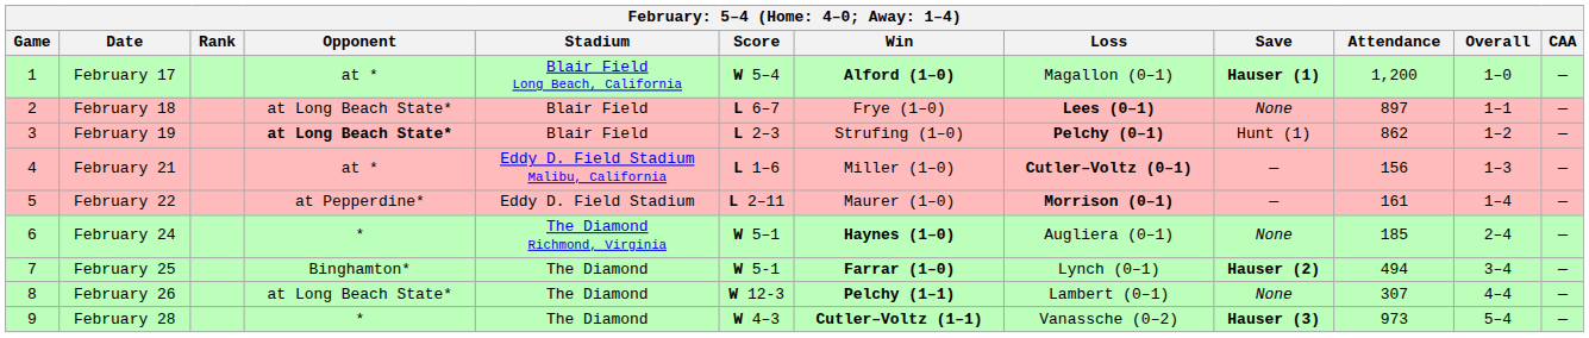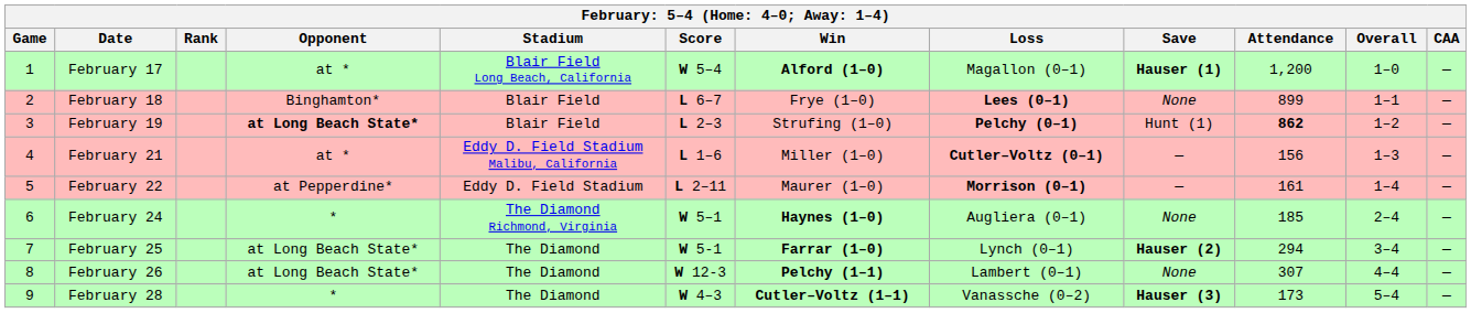 <table class="wikitable collapsible collapsed" style="margin:auto; width:100%; text-align:center; font-size:95%">
 <tr>
 <th colspan=12>February: 5–4 (Home: 4–0; Away: 1–4)</th>
 </tr>
 <tr>
 <th>Game</th>
 <th>Date</th>
 <th>Rank</th>
 <th>Opponent</th>
 <th>Stadium</th>
 <th>Score</th>
 <th>Win</th>
 <th>Loss</th>
 <th>Save</th>
 <th>Attendance</th>
 <th>Overall</th>
 <th>CAA</th>
 </tr>
 <tr style="text-align:center; background:#bfb;">
 <td>1</td>
 <td>February 17</td>
 <td></td>
 <td>at *</td>
 <td><a href='#'>Blair Field</a><br><small><a href='#'>Long Beach, California</a></small></td>
 <td><strong>W</strong> 5–4</td>
 <td><strong>Alford (1–0)</strong></td>
 <td>Magallon (0–1)</td>
 <td><strong>Hauser (1)</strong></td>
 <td>1,200</td>
 <td>1–0</td>
 <td>—</td>
 </tr>
 <tr style="text-align:center; background:#fbb;">
 <td>2</td>
 <td>February 18</td>
 <td></td>
-<td>at Long Beach State*</td>
+<td>Binghamton*</td>
 <td>Blair Field</td>
 <td><strong>L</strong> 6–7</td>
 <td>Frye (1–0)</td>
 <td><strong>Lees (0–1)</strong></td>
 <td><em>None</em></td>
-<td>897</td>
+<td>899</td>
 <td>1–1</td>
 <td>—</td>
 </tr>
 <tr style="text-align:center; background:#fbb;">
 <td>3</td>
 <td>February 19</td>
 <td></td>
 <td><strong>at Long Beach State*</strong></td>
 <td>Blair Field</td>
 <td><strong>L</strong> 2–3</td>
 <td>Strufing (1–0)</td>
 <td><strong>Pelchy (0–1)</strong></td>
 <td>Hunt (1)</td>
-<td>862</td>
+<td><strong>862</strong></td>
 <td>1–2</td>
 <td>—</td>
 </tr>
 <tr style="text-align:center; background:#fbb;">
 <td>4</td>
 <td>February 21</td>
 <td></td>
 <td>at *</td>
 <td><a href='#'>Eddy D. Field Stadium</a><br><small><a href='#'>Malibu, California</a></small></td>
 <td><strong>L</strong> 1–6</td>
 <td>Miller (1–0)</td>
 <td><strong>Cutler–Voltz (0–1)</strong></td>
 <td>—</td>
 <td>156</td>
 <td>1–3</td>
 <td>—</td>
 </tr>
 <tr style="text-align:center; background:#fbb;">
 <td>5</td>
 <td>February 22</td>
 <td></td>
 <td>at Pepperdine*</td>
 <td>Eddy D. Field Stadium</td>
 <td><strong>L</strong> 2–11</td>
 <td>Maurer (1–0)</td>
 <td><strong>Morrison (0–1)</strong></td>
 <td>—</td>
 <td>161</td>
 <td>1–4</td>
 <td>—</td>
 </tr>
 <tr style="text-align:center; background:#bfb;">
 <td>6</td>
 <td>February 24</td>
 <td></td>
 <td>*</td>
 <td><a href='#'>The Diamond</a><br><small><a href='#'>Richmond, Virginia</a></small></td>
 <td><strong>W</strong> 5–1</td>
 <td><strong>Haynes (1–0)</strong></td>
 <td>Augliera (0–1)</td>
 <td><em>None</em></td>
 <td>185</td>
 <td>2–4</td>
 <td>—</td>
 </tr>
 <tr style="text-align:center; background:#bfb;">
 <td>7</td>
 <td>February 25</td>
 <td></td>
-<td>Binghamton*</td>
+<td>at Long Beach State*</td>
 <td>The Diamond</td>
 <td><strong>W</strong> 5-1</td>
 <td><strong>Farrar (1–0)</strong></td>
 <td>Lynch (0–1)</td>
 <td><strong>Hauser (2)</strong></td>
-<td>494</td>
+<td>294</td>
 <td>3–4</td>
 <td>—</td>
 </tr>
 <tr style="text-align:center; background:#bfb;">
 <td>8</td>
 <td>February 26</td>
 <td></td>
 <td>at Long Beach State*</td>
 <td>The Diamond</td>
 <td><strong>W</strong> 12-3</td>
 <td><strong>Pelchy (1–1)</strong></td>
 <td>Lambert (0–1)</td>
 <td><em>None</em></td>
 <td>307</td>
 <td>4–4</td>
 <td>—</td>
 </tr>
 <tr style="text-align:center; background:#bfb;">
 <td>9</td>
 <td>February 28</td>
 <td></td>
 <td>*</td>
 <td>The Diamond</td>
 <td><strong>W</strong> 4–3</td>
 <td><strong>Cutler–Voltz (1–1)</strong></td>
 <td>Vanassche (0–2)</td>
 <td><strong>Hauser (3)</strong></td>
-<td>973</td>
+<td>173</td>
 <td>5–4</td>
 <td>—</td>
 </tr>
 </table>
